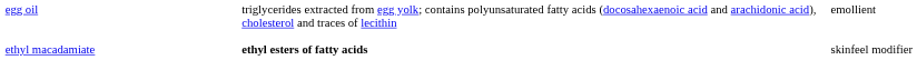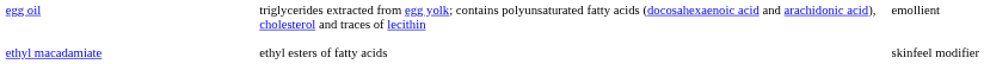 <table cellpadding="8">
 <tr valign="top">
 <td width="20%"><a href='#'>egg oil</a></td>
 <td width="50%">triglycerides extracted from <a href='#'>egg yolk</a>; contains polyunsaturated fatty acids (<a href='#'>docosahexaenoic acid</a> and <a href='#'>arachidonic acid</a>), <a href='#'>cholesterol</a> and traces of <a href='#'>lecithin</a></td>
 <td width="30%">emollient</td>
 </tr>
 <tr valign="top">
 <td width="20%"><a href='#'>ethyl macadamiate</a></td>
-<td width="50%"><strong>ethyl esters of fatty acids</strong></td>
+<td width="50%">ethyl esters of fatty acids</td>
 <td width="30%">skinfeel modifier</td>
 </tr>
 </table>
